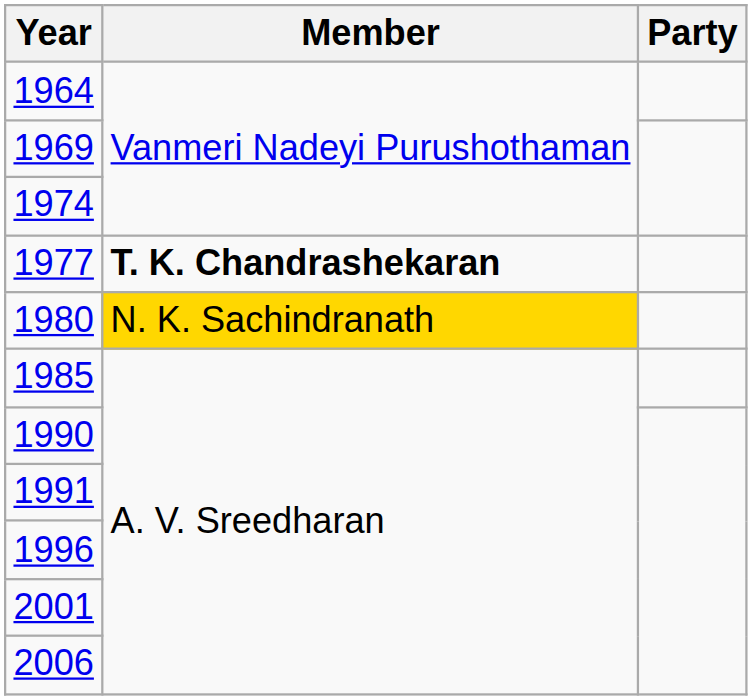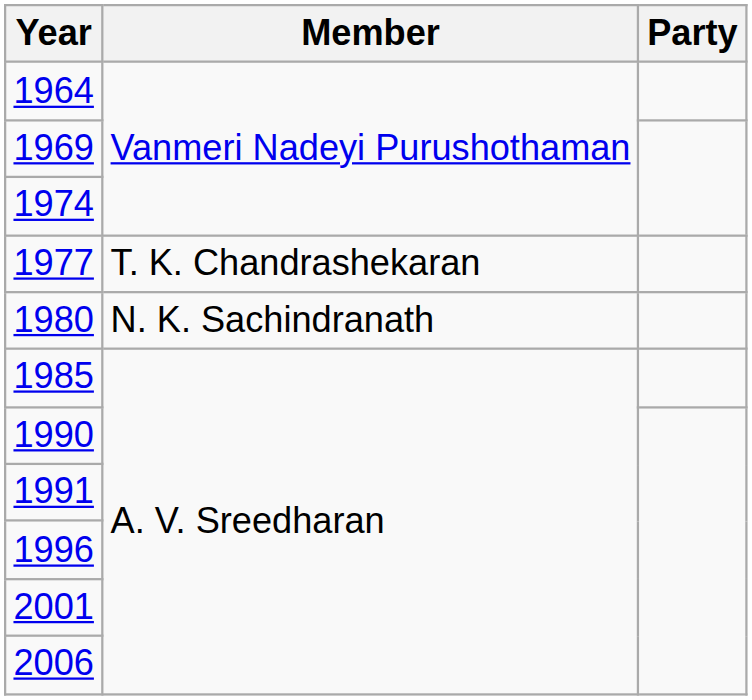 <table class="wikitable sortable">
 <tr>
 <th>Year</th>
 <th>Member</th>
 <th colspan=2>Party</th>
 </tr>
 <tr>
 <td><a href='#'>1964</a></td>
 <td rowspan=3><a href='#'>Vanmeri Nadeyi Purushothaman</a></td>
 <td></td>
 </tr>
 <tr>
 <td><a href='#'>1969</a></td>
 </tr>
 <tr>
 <td><a href='#'>1974</a></td>
 </tr>
 <tr>
 <td><a href='#'>1977</a></td>
-<td><strong>T. K. Chandrashekaran</strong></td>
+<td>T. K. Chandrashekaran</td>
 <td></td>
 </tr>
 <tr>
 <td><a href='#'>1980</a></td>
-<td style="background: gold;">N. K. Sachindranath</td>
+<td>N. K. Sachindranath</td>
 <td></td>
 </tr>
 <tr>
 <td><a href='#'>1985</a></td>
 <td rowspan=6>A. V. Sreedharan</td>
 <td></td>
 </tr>
 <tr>
 <td><a href='#'>1990</a></td>
 </tr>
 <tr>
 <td><a href='#'>1991</a></td>
 </tr>
 <tr>
 <td><a href='#'>1996</a></td>
 </tr>
 <tr>
 <td><a href='#'>2001</a></td>
 </tr>
 <tr>
 <td><a href='#'>2006</a></td>
 </tr>
 </table>
